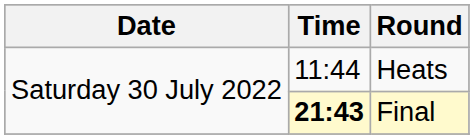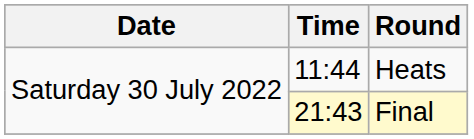 <table class="wikitable">
 <tr>
 <th>Date</th>
 <th>Time</th>
 <th>Round</th>
 </tr>
 <tr>
 <td rowspan=2>Saturday 30 July 2022</td>
 <td>11:44</td>
 <td>Heats</td>
 </tr>
 <tr>
-<td style=background:lemonchiffon><strong>21:43</strong></td>
+<td style=background:lemonchiffon>21:43</td>
 <td style=background:lemonchiffon>Final</td>
 </tr>
 </table>
